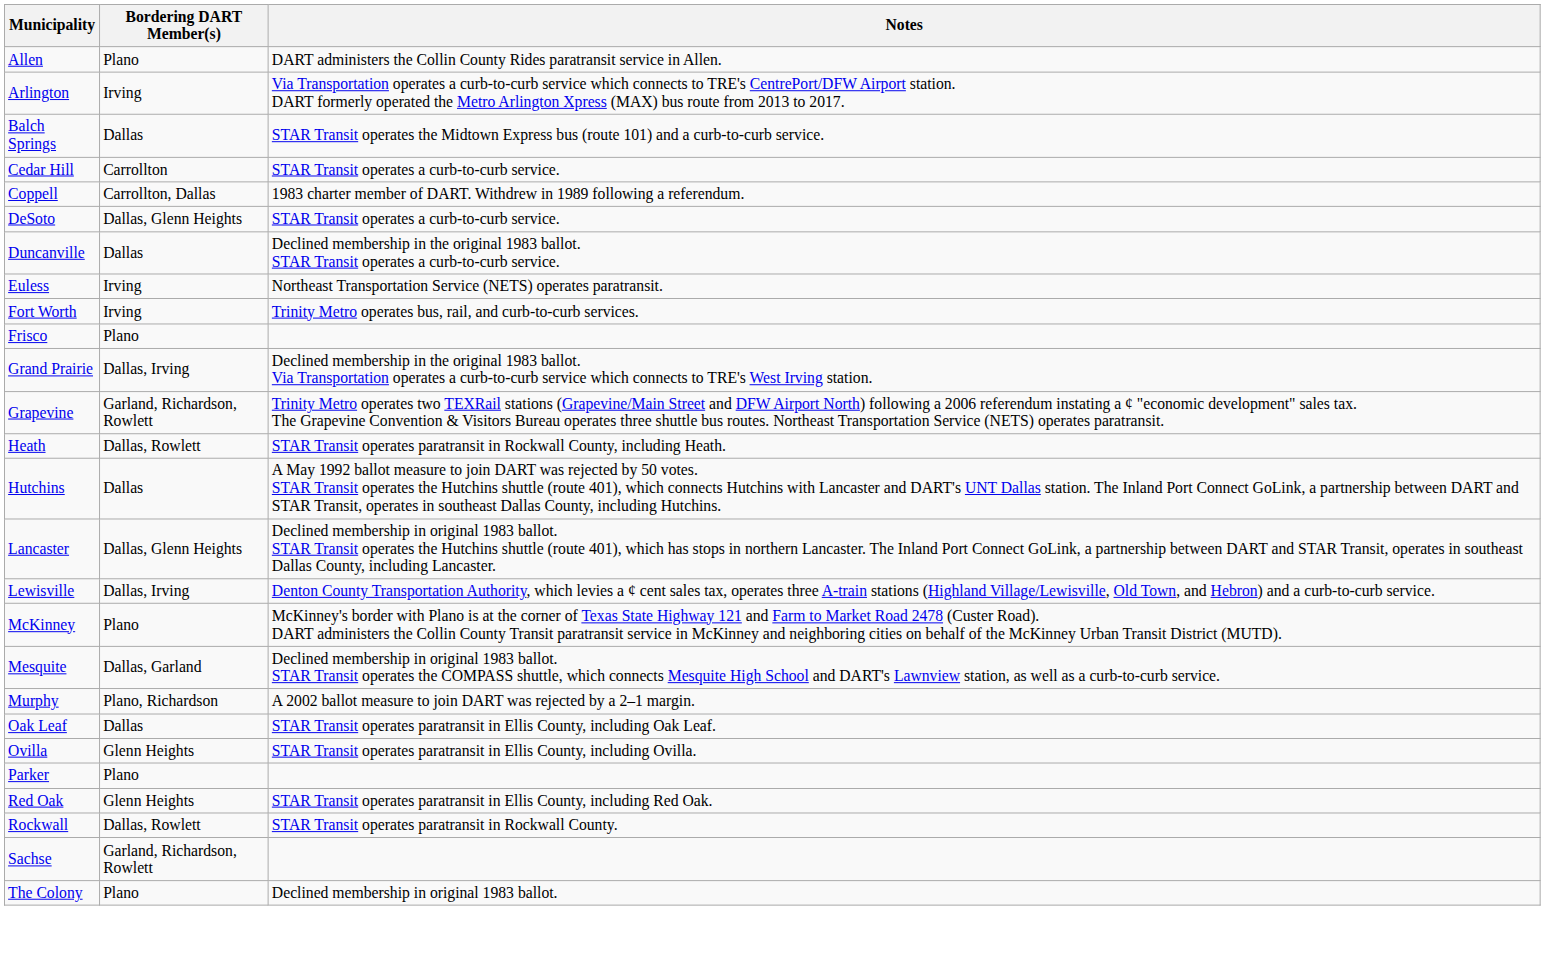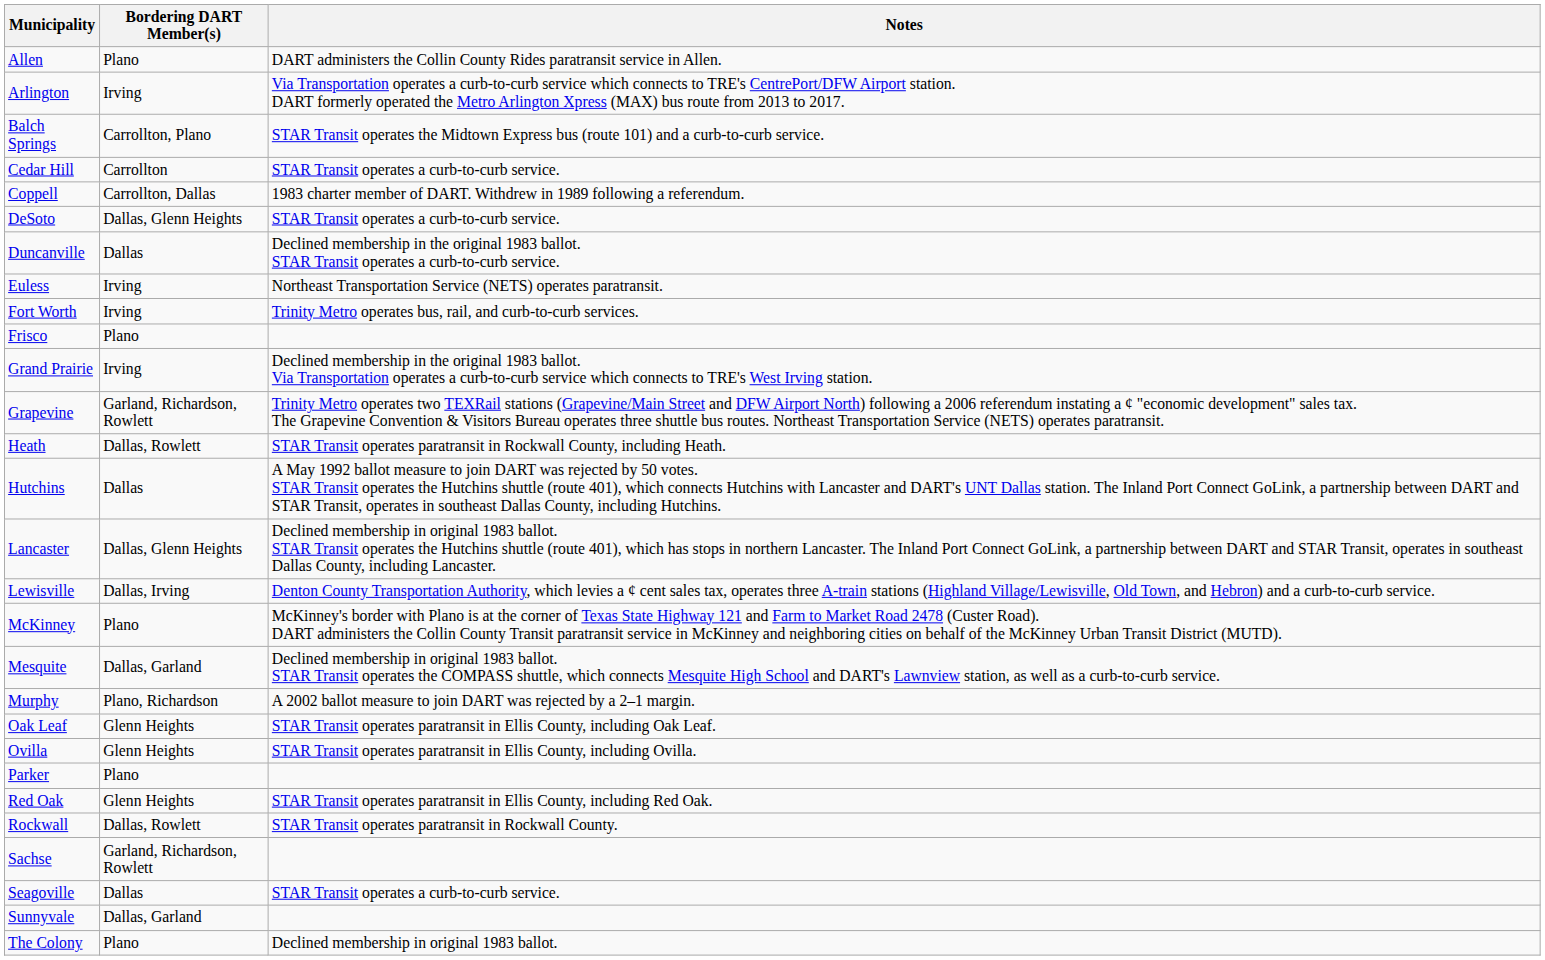 <table class="wikitable">
 <tr>
 <th>Municipality</th>
 <th>Bordering DART Member(s)</th>
 <th>Notes</th>
 </tr>
 <tr>
 <td><a href='#'>Allen</a></td>
 <td>Plano</td>
 <td>DART administers the Collin County Rides paratransit service in Allen.</td>
 </tr>
 <tr>
 <td><a href='#'>Arlington</a></td>
 <td>Irving</td>
 <td><a href='#'>Via Transportation</a> operates a curb-to-curb service which connects to TRE's <a href='#'>CentrePort/DFW Airport</a> station.<br>DART formerly operated the <a href='#'>Metro Arlington Xpress</a> (MAX) bus route from 2013 to 2017.</td>
 </tr>
 <tr>
 <td><a href='#'>Balch Springs</a></td>
-<td>Dallas</td>
+<td>Carrollton, Plano</td>
 <td><a href='#'>STAR Transit</a> operates the Midtown Express bus (route 101) and a curb-to-curb service.</td>
 </tr>
 <tr>
 <td><a href='#'>Cedar Hill</a></td>
 <td>Carrollton</td>
 <td><a href='#'>STAR Transit</a> operates a curb-to-curb service.</td>
 </tr>
 <tr>
 <td><a href='#'>Coppell</a></td>
 <td>Carrollton, Dallas</td>
 <td>1983 charter member of DART. Withdrew in 1989 following a referendum.</td>
 </tr>
 <tr>
 <td><a href='#'>DeSoto</a></td>
 <td>Dallas, Glenn Heights</td>
 <td><a href='#'>STAR Transit</a> operates a curb-to-curb service.</td>
 </tr>
 <tr>
 <td><a href='#'>Duncanville</a></td>
 <td>Dallas</td>
 <td>Declined membership in the original 1983 ballot.<br><a href='#'>STAR Transit</a> operates a curb-to-curb service.</td>
 </tr>
 <tr>
 <td><a href='#'>Euless</a></td>
 <td>Irving</td>
 <td>Northeast Transportation Service (NETS) operates paratransit.</td>
 </tr>
 <tr>
 <td><a href='#'>Fort Worth</a></td>
 <td>Irving</td>
 <td><a href='#'>Trinity Metro</a> operates bus, rail, and curb-to-curb services.</td>
 </tr>
 <tr>
 <td><a href='#'>Frisco</a></td>
 <td>Plano</td>
 <td></td>
 </tr>
 <tr>
 <td><a href='#'>Grand Prairie</a></td>
-<td>Dallas, Irving</td>
+<td>Irving</td>
 <td>Declined membership in the original 1983 ballot.<br><a href='#'>Via Transportation</a> operates a curb-to-curb service which connects to TRE's <a href='#'>West Irving</a> station.</td>
 </tr>
 <tr>
 <td><a href='#'>Grapevine</a></td>
 <td>Garland, Richardson, Rowlett</td>
 <td><a href='#'>Trinity Metro</a> operates two <a href='#'>TEXRail</a> stations (<a href='#'>Grapevine/Main Street</a> and <a href='#'>DFW Airport North</a>) following a 2006 referendum instating a ¢ "economic development" sales tax.<br>The Grapevine Convention & Visitors Bureau operates three shuttle bus routes. Northeast Transportation Service (NETS) operates paratransit.</td>
 </tr>
 <tr>
 <td><a href='#'>Heath</a></td>
 <td>Dallas, Rowlett</td>
 <td><a href='#'>STAR Transit</a> operates paratransit in Rockwall County, including Heath.</td>
 </tr>
 <tr>
 <td><a href='#'>Hutchins</a></td>
 <td>Dallas</td>
 <td>A May 1992 ballot measure to join DART was rejected by 50 votes.<br><a href='#'>STAR Transit</a> operates the Hutchins shuttle (route 401), which connects Hutchins with Lancaster and DART's <a href='#'>UNT Dallas</a> station. The Inland Port Connect GoLink, a partnership between DART and STAR Transit, operates in southeast Dallas County, including Hutchins.</td>
 </tr>
 <tr>
 <td><a href='#'>Lancaster</a></td>
 <td>Dallas, Glenn Heights</td>
 <td>Declined membership in original 1983 ballot.<br><a href='#'>STAR Transit</a> operates the Hutchins shuttle (route 401), which has stops in northern Lancaster. The Inland Port Connect GoLink, a partnership between DART and STAR Transit, operates in southeast Dallas County, including Lancaster.</td>
 </tr>
 <tr>
 <td><a href='#'>Lewisville</a></td>
 <td>Dallas, Irving</td>
 <td><a href='#'>Denton County Transportation Authority</a>, which levies a ¢ cent sales tax, operates three <a href='#'>A-train</a> stations (<a href='#'>Highland Village/Lewisville</a>, <a href='#'>Old Town</a>, and <a href='#'>Hebron</a>) and a curb-to-curb service.</td>
 </tr>
 <tr>
 <td><a href='#'>McKinney</a></td>
 <td>Plano</td>
 <td>McKinney's border with Plano is at the corner of <a href='#'>Texas State Highway 121</a> and <a href='#'>Farm to Market Road 2478</a> (Custer Road).<br>DART administers the Collin County Transit paratransit service in McKinney and neighboring cities on behalf of the McKinney Urban Transit District (MUTD).</td>
 </tr>
 <tr>
 <td><a href='#'>Mesquite</a></td>
 <td>Dallas, Garland</td>
 <td>Declined membership in original 1983 ballot.<br><a href='#'>STAR Transit</a> operates the COMPASS shuttle, which connects <a href='#'>Mesquite High School</a> and DART's <a href='#'>Lawnview</a> station, as well as a curb-to-curb service.</td>
 </tr>
 <tr>
 <td><a href='#'>Murphy</a></td>
 <td>Plano, Richardson</td>
 <td>A 2002 ballot measure to join DART was rejected by a 2–1 margin.</td>
 </tr>
 <tr>
 <td><a href='#'>Oak Leaf</a></td>
-<td>Dallas</td>
+<td>Glenn Heights</td>
 <td><a href='#'>STAR Transit</a> operates paratransit in Ellis County, including Oak Leaf.</td>
 </tr>
 <tr>
 <td><a href='#'>Ovilla</a></td>
 <td>Glenn Heights</td>
 <td><a href='#'>STAR Transit</a> operates paratransit in Ellis County, including Ovilla.</td>
 </tr>
 <tr>
 <td><a href='#'>Parker</a></td>
 <td>Plano</td>
 <td></td>
 </tr>
 <tr>
 <td><a href='#'>Red Oak</a></td>
 <td>Glenn Heights</td>
 <td><a href='#'>STAR Transit</a> operates paratransit in Ellis County, including Red Oak.</td>
 </tr>
 <tr>
 <td><a href='#'>Rockwall</a></td>
 <td>Dallas, Rowlett</td>
 <td><a href='#'>STAR Transit</a> operates paratransit in Rockwall County.</td>
 </tr>
 <tr>
 <td><a href='#'>Sachse</a></td>
 <td>Garland, Richardson, Rowlett</td>
 <td></td>
 </tr>
 <tr>
+<td><a href='#'>Seagoville</a></td>
+<td>Dallas</td>
+<td><a href='#'>STAR Transit</a> operates a curb-to-curb service.</td>
+</tr>
+<tr>
+<td><a href='#'>Sunnyvale</a></td>
+<td>Dallas, Garland</td>
+<td></td>
+</tr>
+<tr>
 <td><a href='#'>The Colony</a></td>
 <td>Plano</td>
 <td>Declined membership in original 1983 ballot.</td>
 </tr>
 </table>
